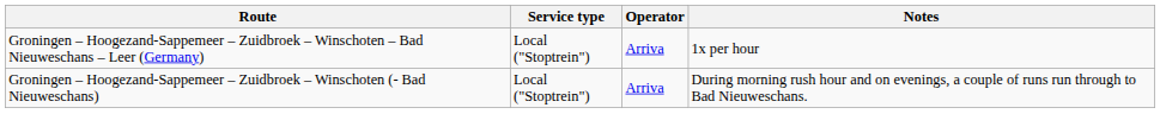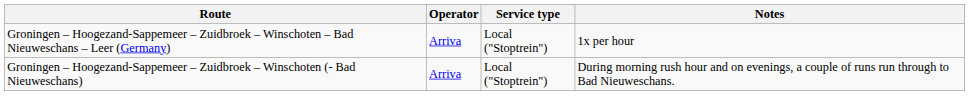 <table class="wikitable">
 <tr>
 <th>Route</th>
+<th>Operator</th>
 <th>Service type</th>
-<th>Operator</th>
 <th>Notes</th>
 </tr>
 <tr>
 <td>Groningen – Hoogezand-Sappemeer – Zuidbroek – Winschoten – Bad Nieuweschans – Leer (<a href='#'>Germany</a>)</td>
+<td><a href='#'>Arriva</a></td>
 <td>Local ("Stoptrein")</td>
-<td><a href='#'>Arriva</a></td>
 <td>1x per hour</td>
 </tr>
 <tr>
 <td>Groningen – Hoogezand-Sappemeer – Zuidbroek – Winschoten (- Bad Nieuweschans)</td>
+<td><a href='#'>Arriva</a></td>
 <td>Local ("Stoptrein")</td>
-<td><a href='#'>Arriva</a></td>
 <td>During morning rush hour and on evenings, a couple of runs run through to Bad Nieuweschans.</td>
 </tr>
 </table>
